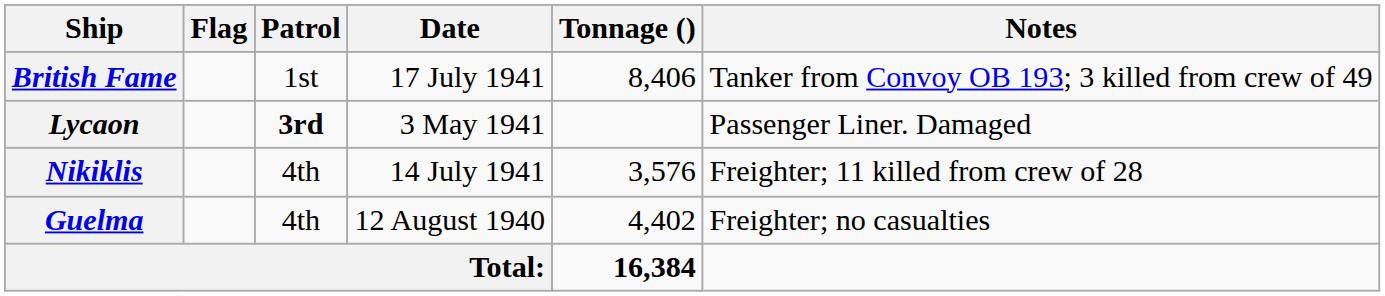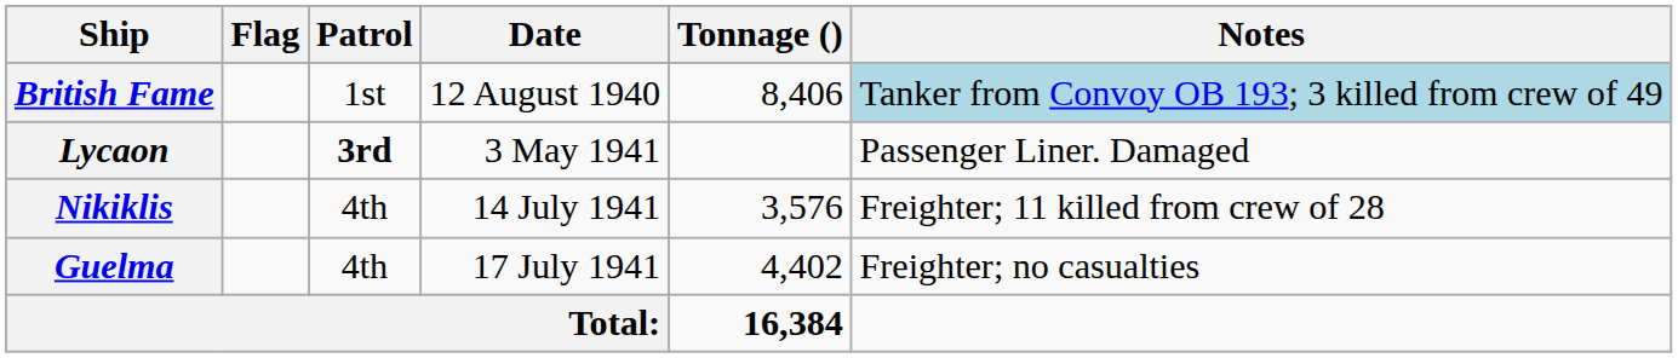 <table class="wikitable plainrowheaders">
 <tr>
 <th scope="col">Ship</th>
 <th scope="col">Flag</th>
 <th scope="col">Patrol</th>
 <th scope="col">Date</th>
 <th scope="col">Tonnage ()</th>
 <th scope="col">Notes</th>
 </tr>
 <tr>
 <th scope="row"><em><a href='#'>British Fame</a></em></th>
 <td></td>
 <td style="text-align: center;">1st</td>
-<td style="text-align: right;">17 July 1941</td>
+<td style="text-align: right;">12 August 1940</td>
 <td style="text-align: right;">8,406</td>
-<td>Tanker from <a href='#'>Convoy OB 193</a>; 3 killed from crew of 49</td>
+<td style="background: lightblue;">Tanker from <a href='#'>Convoy OB 193</a>; 3 killed from crew of 49</td>
 </tr>
 <tr>
 <th scope="row"><em>Lycaon</em></th>
 <td></td>
 <td style="text-align: center;"><strong>3rd</strong></td>
 <td style="text-align: right;">3 May 1941</td>
 <td style="text-align: right;"></td>
 <td>Passenger Liner. Damaged</td>
 </tr>
 <tr>
 <th scope="row"><em><a href='#'>Nikiklis</a></em></th>
 <td></td>
 <td style="text-align: center;">4th</td>
 <td style="text-align: right;">14 July 1941</td>
 <td style="text-align: right;">3,576</td>
 <td>Freighter; 11 killed from crew of 28</td>
 </tr>
 <tr>
 <th scope="row"><em><a href='#'>Guelma</a></em></th>
 <td></td>
 <td style="text-align: center;">4th</td>
-<td style="text-align: right;">12 August 1940</td>
+<td style="text-align: right;">17 July 1941</td>
 <td style="text-align: right;">4,402</td>
 <td>Freighter; no casualties</td>
 </tr>
 <tr class="sortbottom">
 <th scope="row" colspan=4 style="text-align: right; font-weight: bold;">Total:</th>
 <td style="text-align: right; font-weight: bold;">16,384</td>
 <td></td>
 </tr>
 </table>
